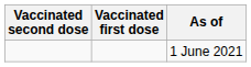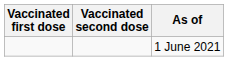 <table class="wikitable">
 <tr>
+<th>Vaccinated<br>first dose</th>
 <th>Vaccinated<br>second dose</th>
-<th>Vaccinated<br>first dose</th>
 <th>As of</th>
 </tr>
 <tr>
 <td></td>
 <td></td>
 <td>1 June 2021</td>
 </tr>
 </table>
